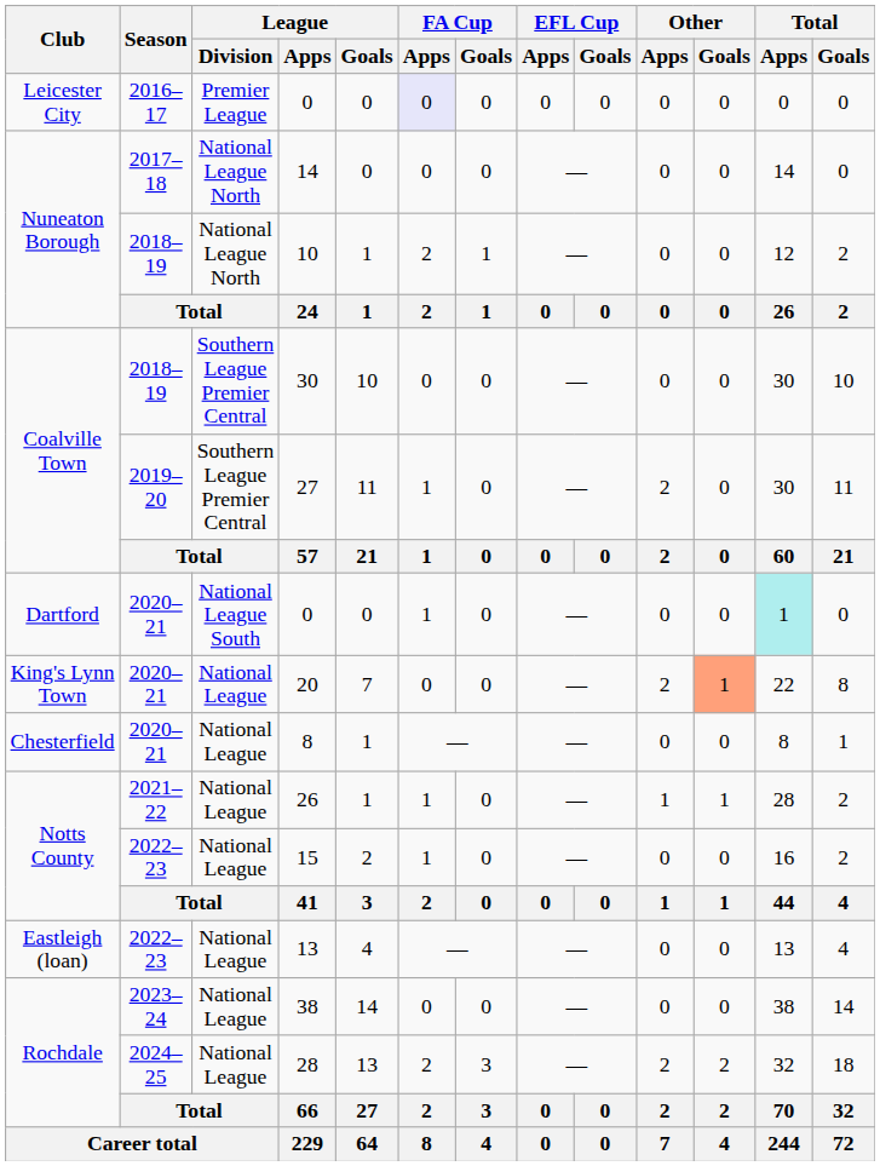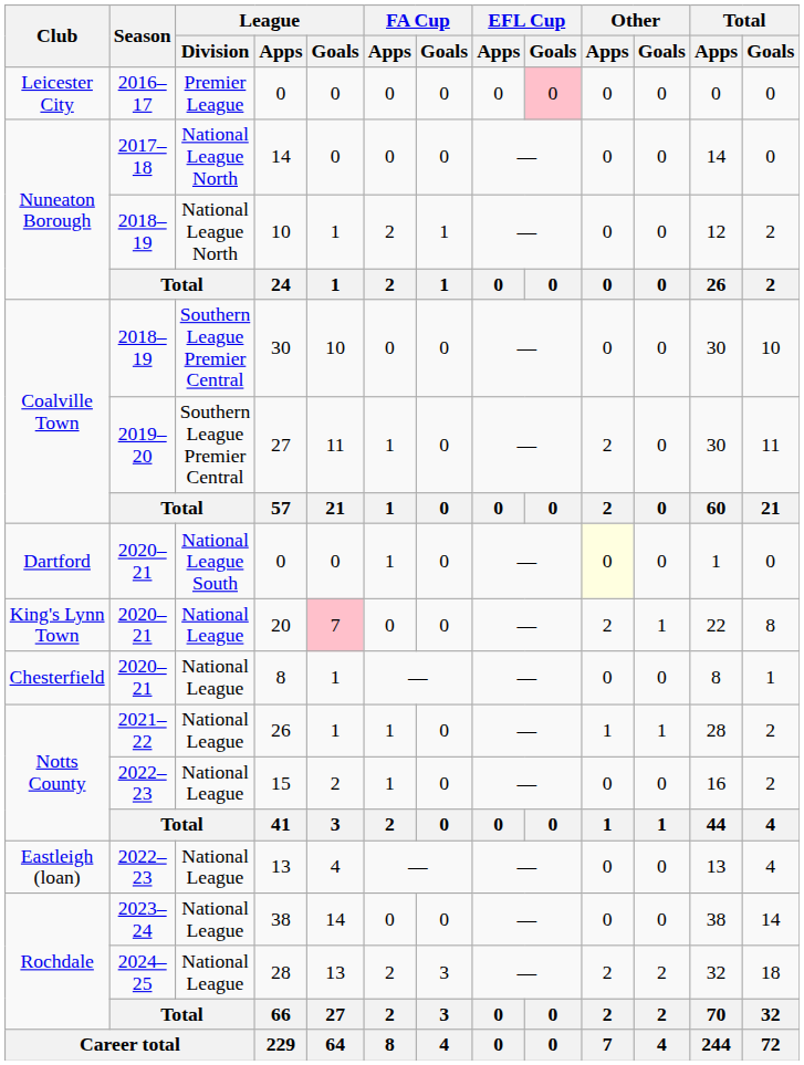 <table class="wikitable" style="text-align: center">
 <tr>
 <th rowspan="2">Club</th>
 <th rowspan="2">Season</th>
 <th colspan="3">League</th>
 <th colspan="2"><a href='#'>FA Cup</a></th>
 <th colspan="2"><a href='#'>EFL Cup</a></th>
 <th colspan="2">Other</th>
 <th colspan="2">Total</th>
 </tr>
 <tr>
 <th>Division</th>
 <th>Apps</th>
 <th>Goals</th>
 <th>Apps</th>
 <th>Goals</th>
 <th>Apps</th>
 <th>Goals</th>
 <th>Apps</th>
 <th>Goals</th>
 <th>Apps</th>
 <th>Goals</th>
 </tr>
 <tr>
 <td><a href='#'>Leicester City</a></td>
 <td><a href='#'>2016–17</a></td>
 <td><a href='#'>Premier League</a></td>
 <td>0</td>
 <td>0</td>
-<td style="background: lavender;">0</td>
 <td>0</td>
 <td>0</td>
 <td>0</td>
+<td style="background: pink;">0</td>
 <td>0</td>
 <td>0</td>
 <td>0</td>
 <td>0</td>
 </tr>
 <tr>
 <td rowspan="3"><a href='#'>Nuneaton Borough</a></td>
 <td><a href='#'>2017–18</a></td>
 <td><a href='#'>National League North</a></td>
 <td>14</td>
 <td>0</td>
 <td>0</td>
 <td>0</td>
 <td colspan="2">—</td>
 <td>0</td>
 <td>0</td>
 <td>14</td>
 <td>0</td>
 </tr>
 <tr>
 <td><a href='#'>2018–19</a></td>
 <td>National League North</td>
 <td>10</td>
 <td>1</td>
 <td>2</td>
 <td>1</td>
 <td colspan="2">—</td>
 <td>0</td>
 <td>0</td>
 <td>12</td>
 <td>2</td>
 </tr>
 <tr>
 <th colspan="2">Total</th>
 <th>24</th>
 <th>1</th>
 <th>2</th>
 <th>1</th>
 <th>0</th>
 <th>0</th>
 <th>0</th>
 <th>0</th>
 <th>26</th>
 <th>2</th>
 </tr>
 <tr>
 <td rowspan="3"><a href='#'>Coalville Town</a></td>
 <td><a href='#'>2018–19</a></td>
 <td><a href='#'>Southern League Premier Central</a></td>
 <td>30</td>
 <td>10</td>
 <td>0</td>
 <td>0</td>
 <td colspan="2">—</td>
 <td>0</td>
 <td>0</td>
 <td>30</td>
 <td>10</td>
 </tr>
 <tr>
 <td><a href='#'>2019–20</a></td>
 <td>Southern League Premier Central</td>
 <td>27</td>
 <td>11</td>
 <td>1</td>
 <td>0</td>
 <td colspan="2">—</td>
 <td>2</td>
 <td>0</td>
 <td>30</td>
 <td>11</td>
 </tr>
 <tr>
 <th colspan="2">Total</th>
 <th>57</th>
 <th>21</th>
 <th>1</th>
 <th>0</th>
 <th>0</th>
 <th>0</th>
 <th>2</th>
 <th>0</th>
 <th>60</th>
 <th>21</th>
 </tr>
 <tr>
 <td><a href='#'>Dartford</a></td>
 <td><a href='#'>2020–21</a></td>
 <td><a href='#'>National League South</a></td>
 <td>0</td>
 <td>0</td>
 <td>1</td>
 <td>0</td>
 <td colspan="2">—</td>
+<td style="background: lightyellow;">0</td>
 <td>0</td>
-<td>0</td>
-<td style="background: paleturquoise;">1</td>
+<td>1</td>
 <td>0</td>
 </tr>
 <tr>
 <td><a href='#'>King's Lynn Town</a></td>
 <td><a href='#'>2020–21</a></td>
 <td><a href='#'>National League</a></td>
 <td>20</td>
-<td>7</td>
+<td style="background: pink;">7</td>
 <td>0</td>
 <td>0</td>
 <td colspan="2">—</td>
 <td>2</td>
-<td style="background: lightsalmon;">1</td>
+<td>1</td>
 <td>22</td>
 <td>8</td>
 </tr>
 <tr>
 <td><a href='#'>Chesterfield</a></td>
 <td><a href='#'>2020–21</a></td>
 <td>National League</td>
 <td>8</td>
 <td>1</td>
 <td colspan="2">—</td>
 <td colspan="2">—</td>
 <td>0</td>
 <td>0</td>
 <td>8</td>
 <td>1</td>
 </tr>
 <tr>
 <td rowspan="3"><a href='#'>Notts County</a></td>
 <td><a href='#'>2021–22</a></td>
 <td>National League</td>
 <td>26</td>
 <td>1</td>
 <td>1</td>
 <td>0</td>
 <td colspan="2">—</td>
 <td>1</td>
 <td>1</td>
 <td>28</td>
 <td>2</td>
 </tr>
 <tr>
 <td><a href='#'>2022–23</a></td>
 <td>National League</td>
 <td>15</td>
 <td>2</td>
 <td>1</td>
 <td>0</td>
 <td colspan="2">—</td>
 <td>0</td>
 <td>0</td>
 <td>16</td>
 <td>2</td>
 </tr>
 <tr>
 <th colspan="2">Total</th>
 <th>41</th>
 <th>3</th>
 <th>2</th>
 <th>0</th>
 <th>0</th>
 <th>0</th>
 <th>1</th>
 <th>1</th>
 <th>44</th>
 <th>4</th>
 </tr>
 <tr>
 <td><a href='#'>Eastleigh</a> (loan)</td>
 <td><a href='#'>2022–23</a></td>
 <td>National League</td>
 <td>13</td>
 <td>4</td>
 <td colspan="2">—</td>
 <td colspan="2">—</td>
 <td>0</td>
 <td>0</td>
 <td>13</td>
 <td>4</td>
 </tr>
 <tr>
 <td rowspan="3"><a href='#'>Rochdale</a></td>
 <td><a href='#'>2023–24</a></td>
 <td>National League</td>
 <td>38</td>
 <td>14</td>
 <td>0</td>
 <td>0</td>
 <td colspan="2">—</td>
 <td>0</td>
 <td>0</td>
 <td>38</td>
 <td>14</td>
 </tr>
 <tr>
 <td><a href='#'>2024–25</a></td>
 <td>National League</td>
 <td>28</td>
 <td>13</td>
 <td>2</td>
 <td>3</td>
 <td colspan="2">—</td>
 <td>2</td>
 <td>2</td>
 <td>32</td>
 <td>18</td>
 </tr>
 <tr>
 <th colspan="2">Total</th>
 <th>66</th>
 <th>27</th>
 <th>2</th>
 <th>3</th>
 <th>0</th>
 <th>0</th>
 <th>2</th>
 <th>2</th>
 <th>70</th>
 <th>32</th>
 </tr>
 <tr>
 <th colspan="3">Career total</th>
 <th>229</th>
 <th>64</th>
 <th>8</th>
 <th>4</th>
 <th>0</th>
 <th>0</th>
 <th>7</th>
 <th>4</th>
 <th>244</th>
 <th>72</th>
 </tr>
 </table>
